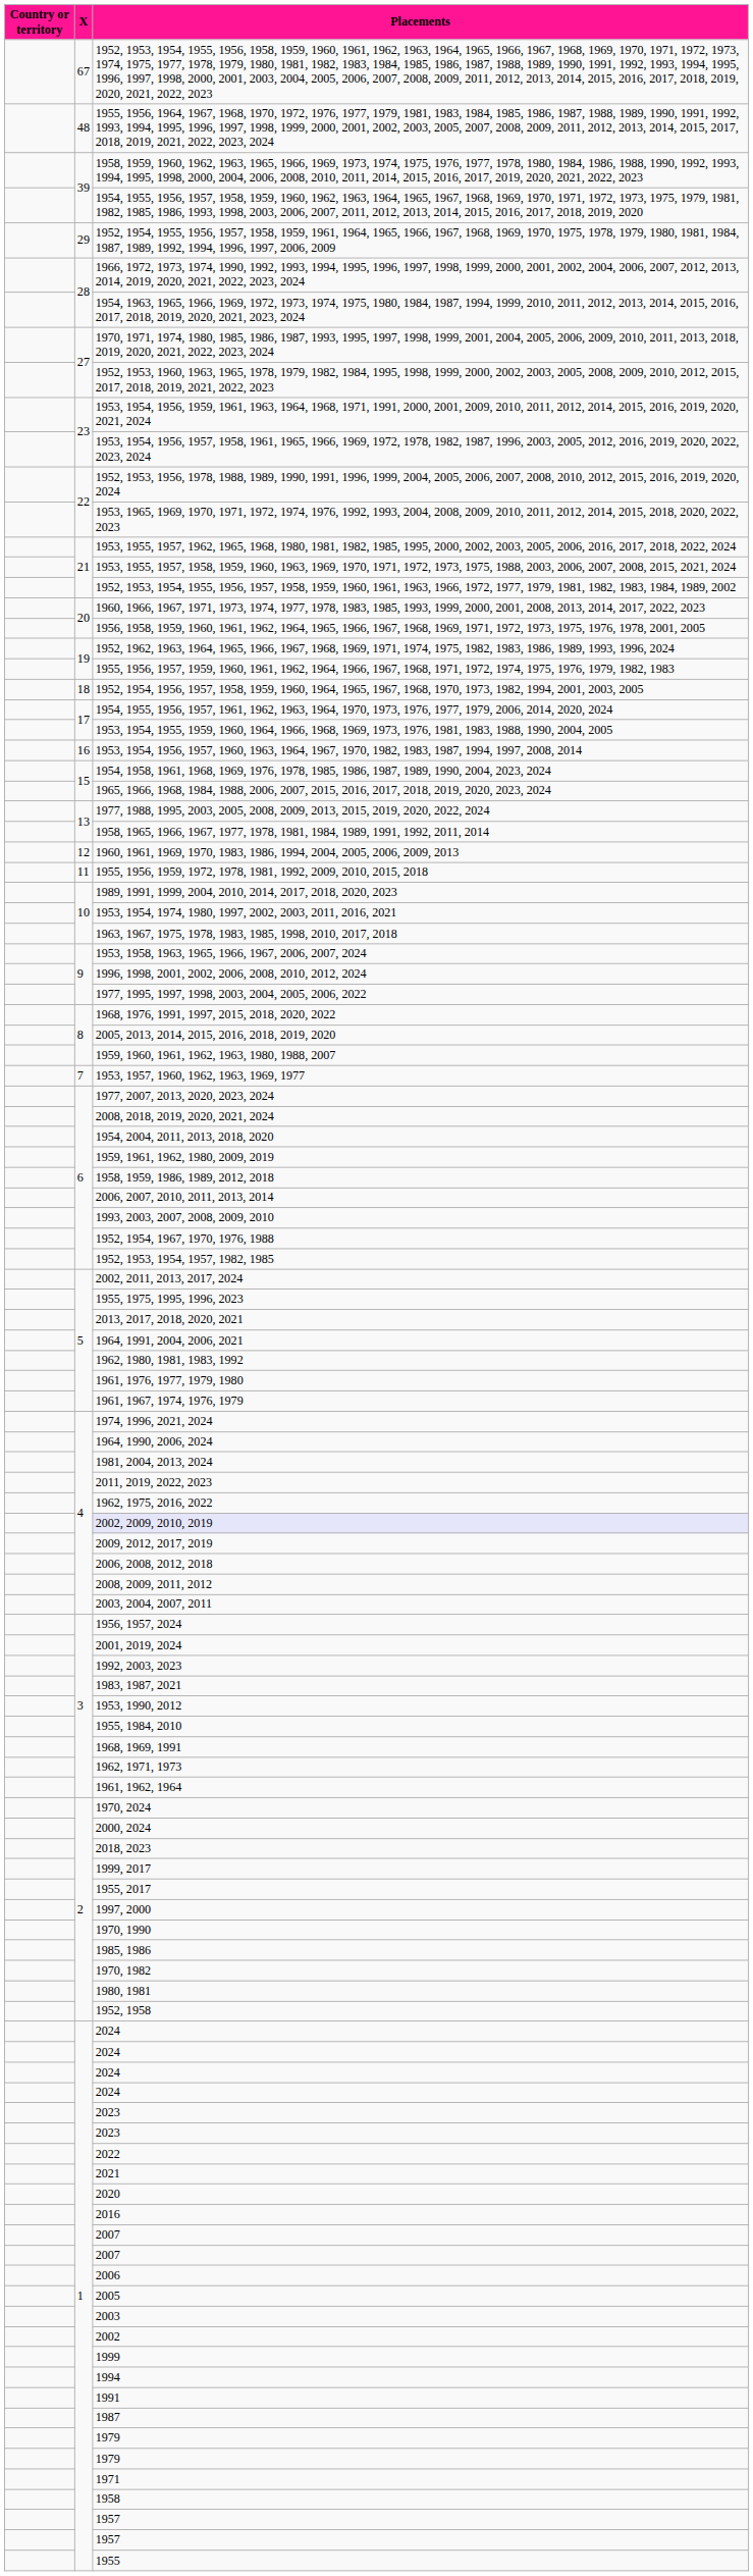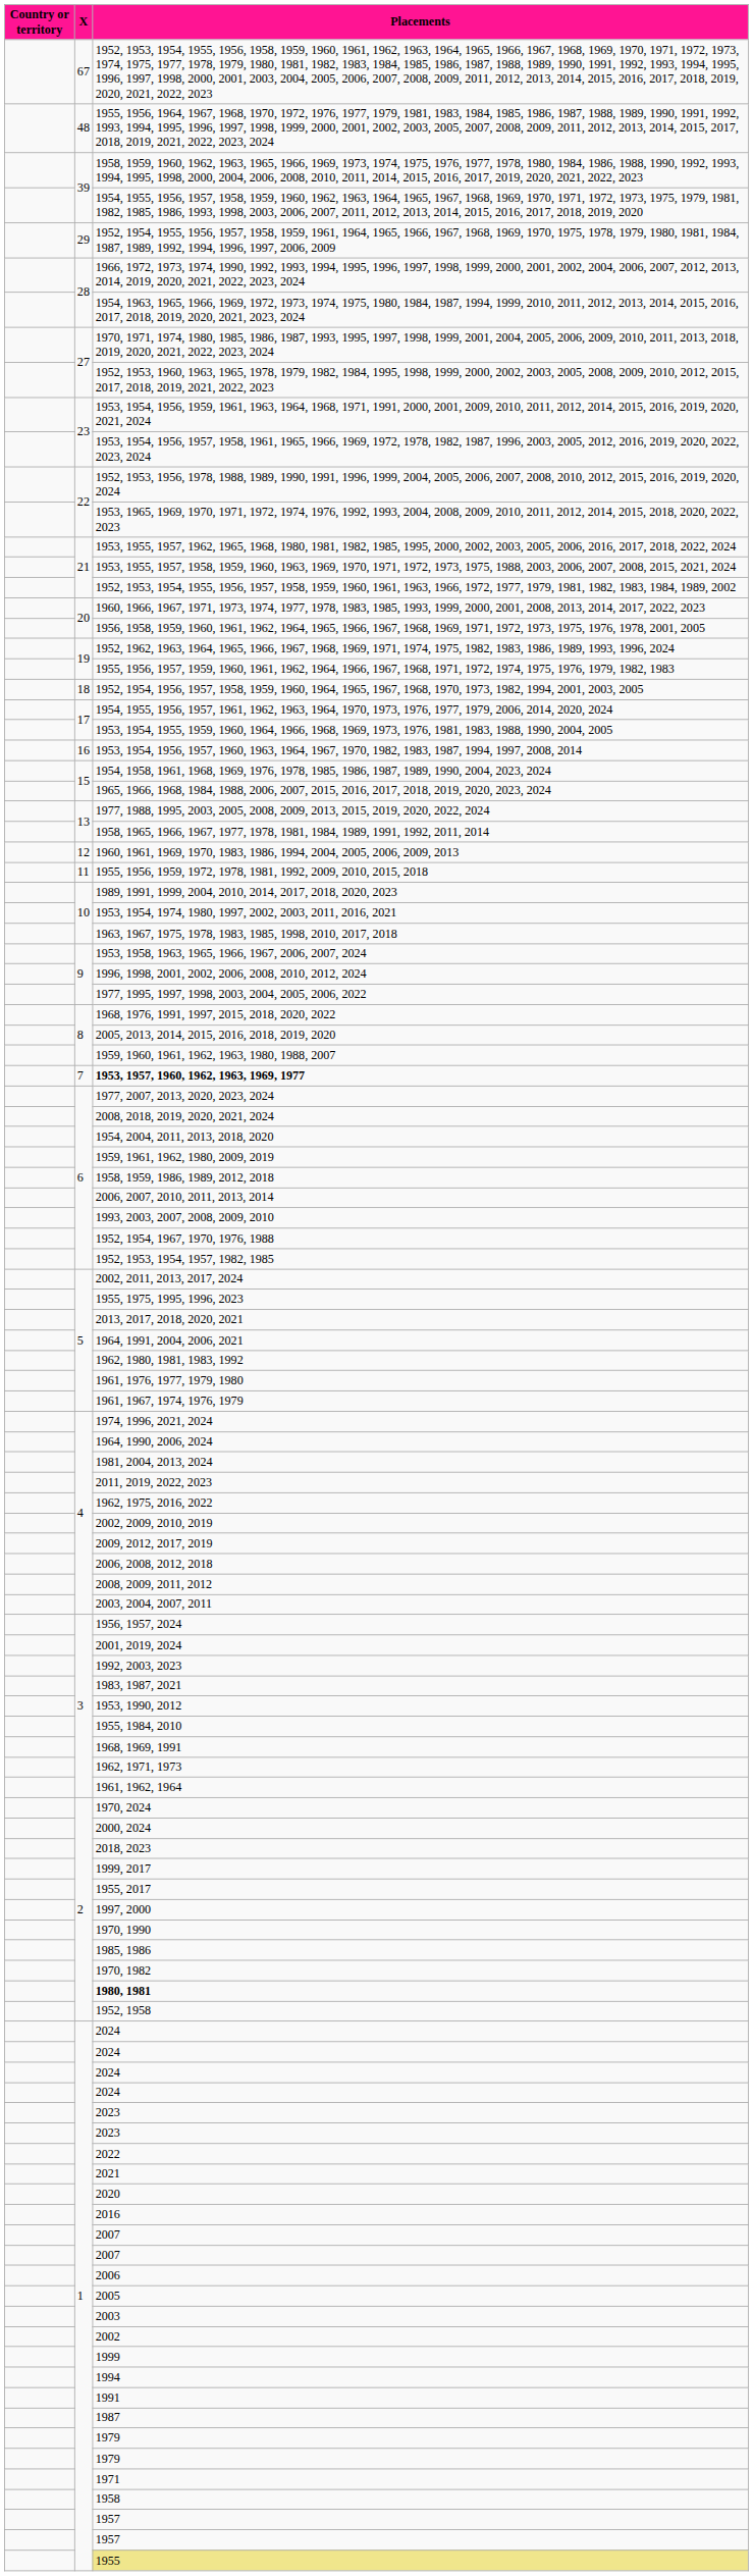 <table class="wikitable sortable" style="font-size: 90%;">
 <tr>
 <th style="background:#FF1493">Country or territory</th>
 <th style="background:#FF1493">X</th>
 <th style="background:#FF1493;">Placements</th>
 </tr>
 <tr>
 <td><strong></strong></td>
 <td>67</td>
 <td>1952, 1953, 1954, 1955, 1956, 1958, 1959, 1960, 1961, 1962, 1963, 1964, 1965, 1966, 1967, 1968, 1969, 1970, 1971, 1972, 1973, 1974, 1975, 1977, 1978, 1979, 1980, 1981, 1982, 1983, 1984, 1985, 1986, 1987, 1988, 1989, 1990, 1991, 1992, 1993, 1994, 1995, 1996, 1997, 1998, 2000, 2001, 2003, 2004, 2005, 2006, 2007, 2008, 2009, 2011, 2012, 2013, 2014, 2015, 2016, 2017, 2018, 2019, 2020, 2021, 2022, 2023</td>
 </tr>
 <tr>
 <td><strong></strong></td>
 <td>48</td>
 <td>1955, 1956, 1964, 1967, 1968, 1970, 1972, 1976, 1977, 1979, 1981, 1983, 1984, 1985, 1986, 1987, 1988, 1989, 1990, 1991, 1992, 1993, 1994, 1995, 1996, 1997, 1998, 1999, 2000, 2001, 2002, 2003, 2005, 2007, 2008, 2009, 2011, 2012, 2013, 2014, 2015, 2017, 2018, 2019, 2021, 2022, 2023, 2024</td>
 </tr>
 <tr>
 <td><strong></strong></td>
 <td rowspan="2">39</td>
 <td>1958, 1959, 1960, 1962, 1963, 1965, 1966, 1969, 1973, 1974, 1975, 1976, 1977, 1978, 1980, 1984, 1986, 1988, 1990, 1992, 1993, 1994, 1995, 1998, 2000, 2004, 2006, 2008, 2010, 2011, 2014, 2015, 2016, 2017, 2019, 2020, 2021, 2022, 2023</td>
 </tr>
 <tr>
 <td><strong></strong></td>
 <td>1954, 1955, 1956, 1957, 1958, 1959, 1960, 1962, 1963, 1964, 1965, 1967, 1968, 1969, 1970, 1971, 1972, 1973, 1975, 1979, 1981, 1982, 1985, 1986, 1993, 1998, 2003, 2006, 2007, 2011, 2012, 2013, 2014, 2015, 2016, 2017, 2018, 2019, 2020</td>
 </tr>
 <tr>
 <td><strong></strong></td>
 <td>29</td>
 <td>1952, 1954, 1955, 1956, 1957, 1958, 1959, 1961, 1964, 1965, 1966, 1967, 1968, 1969, 1970, 1975, 1978, 1979, 1980, 1981, 1984, 1987, 1989, 1992, 1994, 1996, 1997, 2006, 2009</td>
 </tr>
 <tr>
 <td><strong></strong></td>
 <td rowspan="2">28</td>
 <td>1966, 1972, 1973, 1974, 1990, 1992, 1993, 1994, 1995, 1996, 1997, 1998, 1999, 2000, 2001, 2002, 2004, 2006, 2007, 2012, 2013, 2014, 2019, 2020, 2021, 2022, 2023, 2024</td>
 </tr>
 <tr>
 <td><strong></strong></td>
 <td>1954, 1963, 1965, 1966, 1969, 1972, 1973, 1974, 1975, 1980, 1984, 1987, 1994, 1999, 2010, 2011, 2012, 2013, 2014, 2015, 2016, 2017, 2018, 2019, 2020, 2021, 2023, 2024</td>
 </tr>
 <tr>
 <td><strong></strong></td>
 <td rowspan="2">27</td>
 <td>1970, 1971, 1974, 1980, 1985, 1986, 1987, 1993, 1995, 1997, 1998, 1999, 2001, 2004, 2005, 2006, 2009, 2010, 2011, 2013, 2018, 2019, 2020, 2021, 2022, 2023, 2024</td>
 </tr>
 <tr>
 <td><strong></strong></td>
 <td>1952, 1953, 1960, 1963, 1965, 1978, 1979, 1982, 1984, 1995, 1998, 1999, 2000, 2002, 2003, 2005, 2008, 2009, 2010, 2012, 2015, 2017, 2018, 2019, 2021, 2022, 2023</td>
 </tr>
 <tr>
 <td><strong></strong></td>
 <td rowspan="2">23</td>
 <td>1953, 1954, 1956, 1959, 1961, 1963, 1964, 1968, 1971, 1991, 2000, 2001, 2009, 2010, 2011, 2012, 2014, 2015, 2016, 2019, 2020, 2021, 2024</td>
 </tr>
 <tr>
 <td><strong></strong></td>
 <td>1953, 1954, 1956, 1957, 1958, 1961, 1965, 1966, 1969, 1972, 1978, 1982, 1987, 1996, 2003, 2005, 2012, 2016, 2019, 2020, 2022, 2023, 2024</td>
 </tr>
 <tr>
 <td><strong></strong></td>
 <td rowspan="2">22</td>
 <td>1952, 1953, 1956, 1978, 1988, 1989, 1990, 1991, 1996, 1999, 2004, 2005, 2006, 2007, 2008, 2010, 2012, 2015, 2016, 2019, 2020, 2024</td>
 </tr>
 <tr>
 <td><strong></strong></td>
 <td>1953, 1965, 1969, 1970, 1971, 1972, 1974, 1976, 1992, 1993, 2004, 2008, 2009, 2010, 2011, 2012, 2014, 2015, 2018, 2020, 2022, 2023</td>
 </tr>
 <tr>
 <td><strong></strong></td>
 <td rowspan="3">21</td>
 <td>1953, 1955, 1957, 1962, 1965, 1968, 1980, 1981, 1982, 1985, 1995, 2000, 2002, 2003, 2005, 2006, 2016, 2017, 2018, 2022, 2024</td>
 </tr>
 <tr>
 <td><strong></strong></td>
 <td>1953, 1955, 1957, 1958, 1959, 1960, 1963, 1969, 1970, 1971, 1972, 1973, 1975, 1988, 2003, 2006, 2007, 2008, 2015, 2021, 2024</td>
 </tr>
 <tr>
 <td><strong></strong></td>
 <td>1952, 1953, 1954, 1955, 1956, 1957, 1958, 1959, 1960, 1961, 1963, 1966, 1972, 1977, 1979, 1981, 1982, 1983, 1984, 1989, 2002</td>
 </tr>
 <tr>
 <td><strong></strong></td>
 <td rowspan="2">20</td>
 <td>1960, 1966, 1967, 1971, 1973, 1974, 1977, 1978, 1983, 1985, 1993, 1999, 2000, 2001, 2008, 2013, 2014, 2017, 2022, 2023</td>
 </tr>
 <tr>
 <td><strong></strong></td>
 <td>1956, 1958, 1959, 1960, 1961, 1962, 1964, 1965, 1966, 1967, 1968, 1969, 1971, 1972, 1973, 1975, 1976, 1978, 2001, 2005</td>
 </tr>
 <tr>
 <td><strong></strong></td>
 <td rowspan="2">19</td>
 <td>1952, 1962, 1963, 1964, 1965, 1966, 1967, 1968, 1969, 1971, 1974, 1975, 1982, 1983, 1986, 1989, 1993, 1996, 2024</td>
 </tr>
 <tr>
 <td><strong></strong></td>
 <td>1955, 1956, 1957, 1959, 1960, 1961, 1962, 1964, 1966, 1967, 1968, 1971, 1972, 1974, 1975, 1976, 1979, 1982, 1983</td>
 </tr>
 <tr>
 <td><strong></strong></td>
 <td>18</td>
 <td>1952, 1954, 1956, 1957, 1958, 1959, 1960, 1964, 1965, 1967, 1968, 1970, 1973, 1982, 1994, 2001, 2003, 2005</td>
 </tr>
 <tr>
 <td><strong></strong></td>
 <td rowspan="2">17</td>
 <td>1954, 1955, 1956, 1957, 1961, 1962, 1963, 1964, 1970, 1973, 1976, 1977, 1979, 2006, 2014, 2020, 2024</td>
 </tr>
 <tr>
 <td><strong></strong></td>
 <td>1953, 1954, 1955, 1959, 1960, 1964, 1966, 1968, 1969, 1973, 1976, 1981, 1983, 1988, 1990, 2004, 2005</td>
 </tr>
 <tr>
 <td><strong></strong></td>
 <td>16</td>
 <td>1953, 1954, 1956, 1957, 1960, 1963, 1964, 1967, 1970, 1982, 1983, 1987, 1994, 1997, 2008, 2014</td>
 </tr>
 <tr>
 <td><strong></strong></td>
 <td rowspan="2">15</td>
 <td>1954, 1958, 1961, 1968, 1969, 1976, 1978, 1985, 1986, 1987, 1989, 1990, 2004, 2023, 2024</td>
 </tr>
 <tr>
 <td><strong></strong></td>
 <td>1965, 1966, 1968, 1984, 1988, 2006, 2007, 2015, 2016, 2017, 2018, 2019, 2020, 2023, 2024</td>
 </tr>
 <tr>
 <td><strong></strong></td>
 <td rowspan="2">13</td>
 <td>1977, 1988, 1995, 2003, 2005, 2008, 2009, 2013, 2015, 2019, 2020, 2022, 2024</td>
 </tr>
 <tr>
 <td><strong></strong></td>
 <td>1958, 1965, 1966, 1967, 1977, 1978, 1981, 1984, 1989, 1991, 1992, 2011, 2014</td>
 </tr>
 <tr>
 <td><strong></strong></td>
 <td>12</td>
 <td>1960, 1961, 1969, 1970, 1983, 1986, 1994, 2004, 2005, 2006, 2009, 2013</td>
 </tr>
 <tr>
 <td><strong></strong></td>
 <td>11</td>
 <td>1955, 1956, 1959, 1972, 1978, 1981, 1992, 2009, 2010, 2015, 2018</td>
 </tr>
 <tr>
 <td><strong></strong></td>
 <td rowspan="3">10</td>
 <td>1989, 1991, 1999, 2004, 2010, 2014, 2017, 2018, 2020, 2023</td>
 </tr>
 <tr>
 <td><strong></strong></td>
 <td>1953, 1954, 1974, 1980, 1997, 2002, 2003, 2011, 2016, 2021</td>
 </tr>
 <tr>
 <td><strong></strong></td>
 <td>1963, 1967, 1975, 1978, 1983, 1985, 1998, 2010, 2017, 2018</td>
 </tr>
 <tr>
 <td><strong></strong></td>
 <td rowspan="3">9</td>
 <td>1953, 1958, 1963, 1965, 1966, 1967, 2006, 2007, 2024</td>
 </tr>
 <tr>
 <td><strong></strong></td>
 <td>1996, 1998, 2001, 2002, 2006, 2008, 2010, 2012, 2024</td>
 </tr>
 <tr>
 <td><strong></strong></td>
 <td>1977, 1995, 1997, 1998, 2003, 2004, 2005, 2006, 2022</td>
 </tr>
 <tr>
 <td><strong></strong></td>
 <td rowspan="3">8</td>
 <td>1968, 1976, 1991, 1997, 2015, 2018, 2020, 2022</td>
 </tr>
 <tr>
 <td><strong></strong></td>
 <td>2005, 2013, 2014, 2015, 2016, 2018, 2019, 2020</td>
 </tr>
 <tr>
 <td><strong></strong></td>
 <td>1959, 1960, 1961, 1962, 1963, 1980, 1988, 2007</td>
 </tr>
 <tr>
 <td><strong></strong></td>
 <td>7</td>
-<td>1953, 1957, 1960, 1962, 1963, 1969, 1977</td>
+<td><strong>1953, 1957, 1960, 1962, 1963, 1969, 1977</strong></td>
 </tr>
 <tr>
 <td><strong></strong></td>
 <td rowspan="9">6</td>
 <td>1977, 2007, 2013, 2020, 2023, 2024</td>
 </tr>
 <tr>
 <td><strong></strong></td>
 <td>2008, 2018, 2019, 2020, 2021, 2024</td>
 </tr>
 <tr>
 <td><strong></strong></td>
 <td>1954, 2004, 2011, 2013, 2018, 2020</td>
 </tr>
 <tr>
 <td><strong></strong></td>
 <td>1959, 1961, 1962, 1980, 2009, 2019</td>
 </tr>
 <tr>
 <td><strong></strong></td>
 <td>1958, 1959, 1986, 1989, 2012, 2018</td>
 </tr>
 <tr>
 <td><strong></strong></td>
 <td>2006, 2007, 2010, 2011, 2013, 2014</td>
 </tr>
 <tr>
 <td><strong></strong></td>
 <td>1993, 2003, 2007, 2008, 2009, 2010</td>
 </tr>
 <tr>
 <td><strong></strong></td>
 <td>1952, 1954, 1967, 1970, 1976, 1988</td>
 </tr>
 <tr>
 <td><strong></strong></td>
 <td>1952, 1953, 1954, 1957, 1982, 1985</td>
 </tr>
 <tr>
 <td><strong></strong></td>
 <td rowspan="7">5</td>
 <td>2002, 2011, 2013, 2017, 2024</td>
 </tr>
 <tr>
 <td><strong></strong></td>
 <td>1955, 1975, 1995, 1996, 2023</td>
 </tr>
 <tr>
 <td><strong></strong></td>
 <td>2013, 2017, 2018, 2020, 2021</td>
 </tr>
 <tr>
 <td><strong></strong></td>
 <td>1964, 1991, 2004, 2006, 2021</td>
 </tr>
 <tr>
 <td><strong></strong></td>
 <td>1962, 1980, 1981, 1983, 1992</td>
 </tr>
 <tr>
 <td><strong></strong></td>
 <td>1961, 1976, 1977, 1979, 1980</td>
 </tr>
 <tr>
 <td><strong></strong></td>
 <td>1961, 1967, 1974, 1976, 1979</td>
 </tr>
 <tr>
 <td><strong></strong></td>
 <td rowspan="10">4</td>
 <td>1974, 1996, 2021, 2024</td>
 </tr>
 <tr>
 <td><strong></strong></td>
 <td>1964, 1990, 2006, 2024</td>
 </tr>
 <tr>
 <td><strong></strong></td>
 <td>1981, 2004, 2013, 2024</td>
 </tr>
 <tr>
 <td><strong></strong></td>
 <td>2011, 2019, 2022, 2023</td>
 </tr>
 <tr>
 <td><strong></strong></td>
 <td>1962, 1975, 2016, 2022</td>
 </tr>
 <tr>
 <td><strong></strong></td>
-<td style="background: lavender;">2002, 2009, 2010, 2019</td>
+<td>2002, 2009, 2010, 2019</td>
 </tr>
 <tr>
 <td><strong></strong></td>
 <td>2009, 2012, 2017, 2019</td>
 </tr>
 <tr>
 <td><strong></strong></td>
 <td>2006, 2008, 2012, 2018</td>
 </tr>
 <tr>
 <td><strong></strong></td>
 <td>2008, 2009, 2011, 2012</td>
 </tr>
 <tr>
 <td><strong></strong></td>
 <td>2003, 2004, 2007, 2011</td>
 </tr>
 <tr>
 <td><strong></strong></td>
 <td rowspan="9">3</td>
 <td>1956, 1957, 2024</td>
 </tr>
 <tr>
 <td><strong></strong></td>
 <td>2001, 2019, 2024</td>
 </tr>
 <tr>
 <td><strong></strong></td>
 <td>1992, 2003, 2023</td>
 </tr>
 <tr>
 <td><strong></strong></td>
 <td>1983, 1987, 2021</td>
 </tr>
 <tr>
 <td><strong></strong></td>
 <td>1953, 1990, 2012</td>
 </tr>
 <tr>
 <td><strong></strong></td>
 <td>1955, 1984, 2010</td>
 </tr>
 <tr>
 <td><strong></strong></td>
 <td>1968, 1969, 1991</td>
 </tr>
 <tr>
 <td><strong></strong></td>
 <td>1962, 1971, 1973</td>
 </tr>
 <tr>
 <td><strong></strong></td>
 <td>1961, 1962, 1964</td>
 </tr>
 <tr>
 <td><strong></strong></td>
 <td rowspan="11">2</td>
 <td>1970, 2024</td>
 </tr>
 <tr>
 <td><strong></strong></td>
 <td>2000, 2024</td>
 </tr>
 <tr>
 <td><strong></strong></td>
 <td>2018, 2023</td>
 </tr>
 <tr>
 <td><strong></strong></td>
 <td>1999, 2017</td>
 </tr>
 <tr>
 <td><strong></strong></td>
 <td>1955, 2017</td>
 </tr>
 <tr>
 <td><strong></strong></td>
 <td>1997, 2000</td>
 </tr>
 <tr>
 <td><strong></strong></td>
 <td>1970, 1990</td>
 </tr>
 <tr>
 <td><strong></strong></td>
 <td>1985, 1986</td>
 </tr>
 <tr>
 <td><strong></strong></td>
 <td>1970, 1982</td>
 </tr>
 <tr>
 <td><strong></strong></td>
-<td>1980, 1981</td>
+<td><strong>1980, 1981</strong></td>
 </tr>
 <tr>
 <td><strong></strong></td>
 <td>1952, 1958</td>
 </tr>
 <tr>
 <td><strong></strong></td>
 <td rowspan="27">1</td>
 <td>2024</td>
 </tr>
 <tr>
 <td><strong></strong></td>
 <td>2024</td>
 </tr>
 <tr>
 <td><strong></strong></td>
 <td>2024</td>
 </tr>
 <tr>
 <td><strong></strong></td>
 <td>2024</td>
 </tr>
 <tr>
 <td><strong></strong></td>
 <td>2023</td>
 </tr>
 <tr>
 <td><strong></strong></td>
 <td>2023</td>
 </tr>
 <tr>
 <td><strong></strong></td>
 <td>2022</td>
 </tr>
 <tr>
 <td><strong></strong></td>
 <td>2021</td>
 </tr>
 <tr>
 <td><strong></strong></td>
 <td>2020</td>
 </tr>
 <tr>
 <td><strong></strong></td>
 <td>2016</td>
 </tr>
 <tr>
 <td><strong></strong></td>
 <td>2007</td>
 </tr>
 <tr>
 <td><strong></strong></td>
 <td>2007</td>
 </tr>
 <tr>
 <td><strong></strong></td>
 <td>2006</td>
 </tr>
 <tr>
 <td><strong></strong></td>
 <td>2005</td>
 </tr>
 <tr>
 <td><strong></strong></td>
 <td>2003</td>
 </tr>
 <tr>
 <td><strong></strong></td>
 <td>2002</td>
 </tr>
 <tr>
 <td><strong></strong></td>
 <td>1999</td>
 </tr>
 <tr>
 <td><strong></strong></td>
 <td>1994</td>
 </tr>
 <tr>
 <td><strong></strong></td>
 <td>1991</td>
 </tr>
 <tr>
 <td><strong></strong></td>
 <td>1987</td>
 </tr>
 <tr>
 <td><strong></strong></td>
 <td>1979</td>
 </tr>
 <tr>
 <td><strong></strong></td>
 <td>1979</td>
 </tr>
 <tr>
 <td><strong></strong></td>
 <td>1971</td>
 </tr>
 <tr>
 <td><strong></strong></td>
 <td>1958</td>
 </tr>
 <tr>
 <td><strong></strong></td>
 <td>1957</td>
 </tr>
 <tr>
 <td><strong></strong></td>
 <td>1957</td>
 </tr>
 <tr>
 <td><strong></strong></td>
-<td>1955</td>
+<td style="background: khaki;">1955</td>
 </tr>
 </table>
